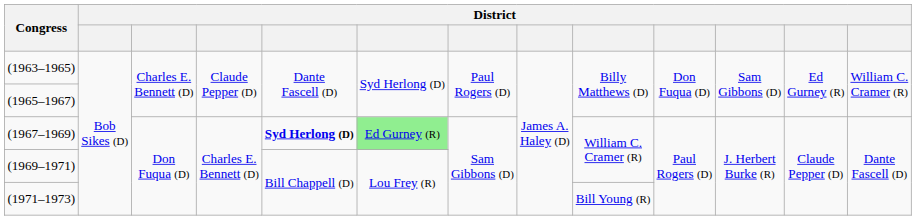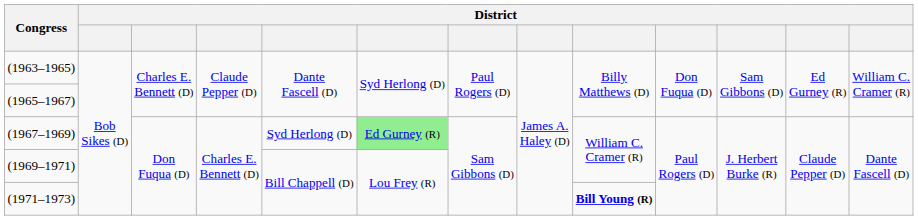 <table class=wikitable style="text-align:center">
 <tr>
 <th rowspan=2>Congress</th>
 <th colspan=12>District</th>
 </tr>
 <tr style="height:2em">
 <th></th>
 <th></th>
 <th></th>
 <th></th>
 <th></th>
 <th></th>
 <th></th>
 <th></th>
 <th></th>
 <th></th>
 <th></th>
 <th></th>
 </tr>
 <tr style="height:2.5em">
 <td><strong></strong> (1963–1965)</td>
 <td rowspan=5 ><a href='#'>Bob<br>Sikes</a> <small>(D)</small></td>
 <td rowspan=2 ><a href='#'>Charles E.<br>Bennett</a> <small>(D)</small></td>
 <td rowspan=2 ><a href='#'>Claude<br>Pepper</a> <small>(D)</small></td>
 <td rowspan=2 ><a href='#'>Dante<br>Fascell</a> <small>(D)</small></td>
 <td rowspan=2 ><a href='#'>Syd Herlong</a> <small>(D)</small></td>
 <td rowspan=2 ><a href='#'>Paul<br>Rogers</a> <small>(D)</small></td>
 <td rowspan=5 ><a href='#'>James A.<br>Haley</a> <small>(D)</small></td>
 <td rowspan=2 ><a href='#'>Billy<br>Matthews</a> <small>(D)</small></td>
 <td rowspan=2 ><a href='#'>Don<br>Fuqua</a> <small>(D)</small></td>
 <td rowspan=2 ><a href='#'>Sam<br>Gibbons</a> <small>(D)</small></td>
 <td rowspan=2 ><a href='#'>Ed<br>Gurney</a> <small>(R)</small></td>
 <td rowspan=2 ><a href='#'>William C.<br>Cramer</a> <small>(R)</small></td>
 </tr>
 <tr style="height:2.5em">
 <td><strong></strong> (1965–1967)</td>
 </tr>
 <tr style="height:2.5em">
 <td><strong></strong> (1967–1969)</td>
 <td rowspan=4 ><a href='#'>Don<br>Fuqua</a> <small>(D)</small></td>
 <td rowspan=4 ><a href='#'>Charles E.<br>Bennett</a> <small>(D)</small></td>
-<td><strong><a href='#'>Syd Herlong</a> <small>(D)</small></strong></td>
+<td><a href='#'>Syd Herlong</a> <small>(D)</small></td>
 <td style="background: lightgreen;"><a href='#'>Ed Gurney</a> <small>(R)</small></td>
 <td rowspan=3 ><a href='#'>Sam<br>Gibbons</a> <small>(D)</small></td>
 <td rowspan=2 ><a href='#'>William C.<br>Cramer</a> <small>(R)</small></td>
 <td rowspan=3 ><a href='#'>Paul<br>Rogers</a> <small>(D)</small></td>
 <td rowspan=3 ><a href='#'>J. Herbert<br>Burke</a> <small>(R)</small></td>
 <td rowspan=3 ><a href='#'>Claude<br>Pepper</a> <small>(D)</small></td>
 <td rowspan=3 ><a href='#'>Dante<br>Fascell</a> <small>(D)</small></td>
 </tr>
 <tr style="height:2.5em">
 <td><strong></strong> (1969–1971)</td>
 <td rowspan=2 ><a href='#'>Bill Chappell</a> <small>(D)</small></td>
 <td rowspan=2 ><a href='#'>Lou Frey</a> <small>(R)</small></td>
 </tr>
 <tr style="height:2.5em">
 <td><strong></strong> (1971–1973)</td>
-<td><a href='#'>Bill Young</a> <small>(R)</small></td>
+<td><strong><a href='#'>Bill Young</a> <small>(R)</small></strong></td>
 </tr>
 </table>
